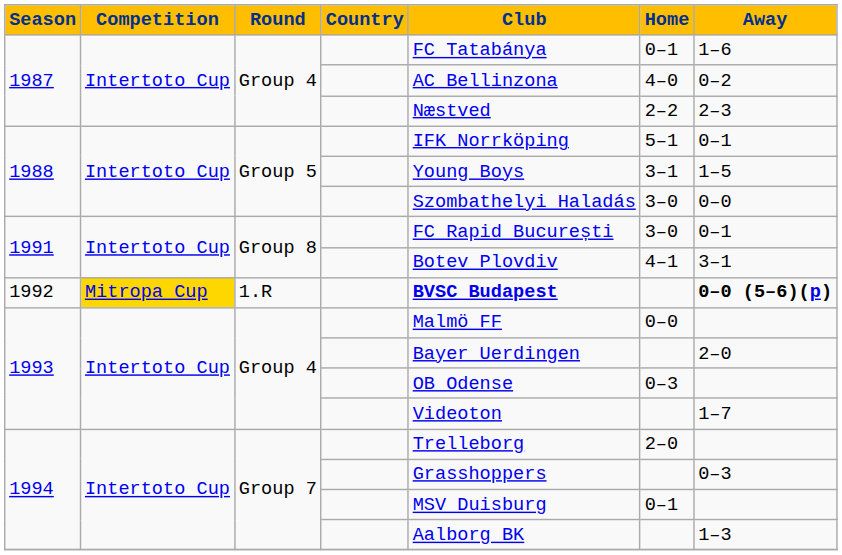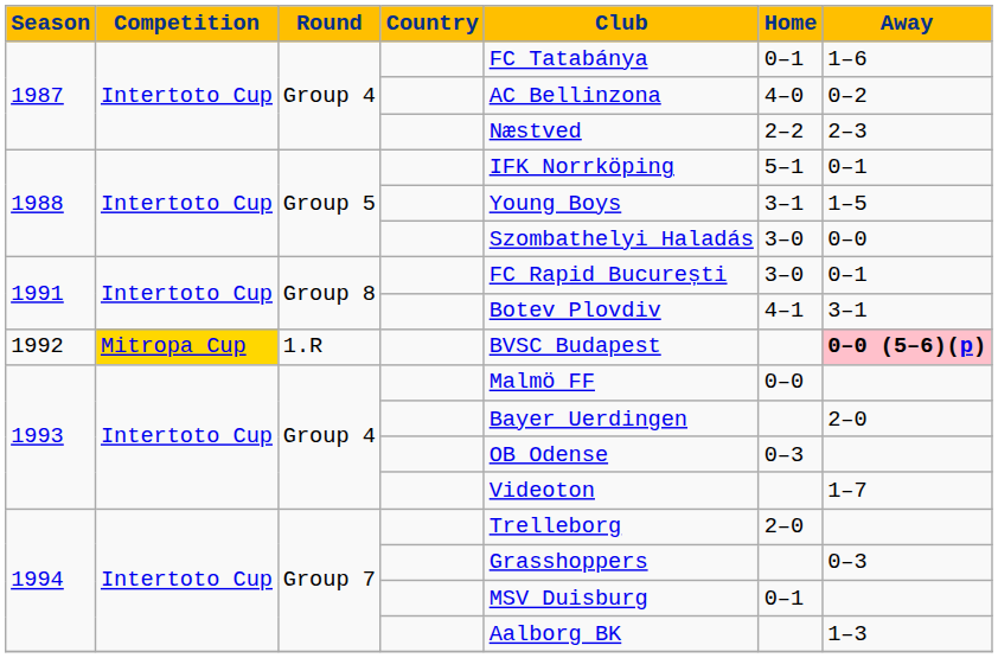 <table class="wikitable">
 <tr>
 <th style="color:#00308F; background:#FFBF00;">Season</th>
 <th style="color:#00308F; background:#FFBF00;">Competition</th>
 <th style="color:#00308F; background:#FFBF00;">Round</th>
 <th style="color:#00308F; background:#FFBF00;">Country</th>
 <th style="color:#00308F; background:#FFBF00;">Club</th>
 <th style="color:#00308F; background:#FFBF00;">Home</th>
 <th style="color:#00308F; background:#FFBF00;">Away</th>
 </tr>
 <tr>
 <td rowspan="3"><a href='#'>1987</a></td>
 <td rowspan="3"><a href='#'>Intertoto Cup</a></td>
 <td rowspan="3">Group 4</td>
 <td></td>
 <td><a href='#'>FC Tatabánya</a></td>
 <td>0–1</td>
 <td>1–6</td>
 </tr>
 <tr>
 <td></td>
 <td><a href='#'>AC Bellinzona</a></td>
 <td>4–0</td>
 <td>0–2</td>
 </tr>
 <tr>
 <td></td>
 <td><a href='#'>Næstved</a></td>
 <td>2–2</td>
 <td>2–3</td>
 </tr>
 <tr>
 <td rowspan="3"><a href='#'>1988</a></td>
 <td rowspan="3"><a href='#'>Intertoto Cup</a></td>
 <td rowspan="3">Group 5</td>
 <td></td>
 <td><a href='#'>IFK Norrköping</a></td>
 <td>5–1</td>
 <td>0–1</td>
 </tr>
 <tr>
 <td></td>
 <td><a href='#'>Young Boys</a></td>
 <td>3–1</td>
 <td>1–5</td>
 </tr>
 <tr>
 <td></td>
 <td><a href='#'>Szombathelyi Haladás</a></td>
 <td>3–0</td>
 <td>0–0</td>
 </tr>
 <tr>
 <td rowspan="2"><a href='#'>1991</a></td>
 <td rowspan="2"><a href='#'>Intertoto Cup</a></td>
 <td rowspan="2">Group 8</td>
 <td></td>
 <td><a href='#'>FC Rapid București</a></td>
 <td>3–0</td>
 <td>0–1</td>
 </tr>
 <tr>
 <td></td>
 <td><a href='#'>Botev Plovdiv</a></td>
 <td>4–1</td>
 <td>3–1</td>
 </tr>
 <tr>
 <td>1992</td>
 <td style="background: gold;"><a href='#'>Mitropa Cup</a></td>
 <td>1.R</td>
 <td></td>
-<td><strong><a href='#'>BVSC Budapest</a></strong></td>
+<td><a href='#'>BVSC Budapest</a></td>
 <td></td>
-<td><strong>0–0 (5–6)(<a href='#'>p</a>)</strong></td>
+<td style="background: pink;"><strong>0–0 (5–6)(<a href='#'>p</a>)</strong></td>
 </tr>
 <tr>
 <td rowspan="4"><a href='#'>1993</a></td>
 <td rowspan="4"><a href='#'>Intertoto Cup</a></td>
 <td rowspan="4">Group 4</td>
 <td></td>
 <td><a href='#'>Malmö FF</a></td>
 <td>0–0</td>
 <td></td>
 </tr>
 <tr>
 <td></td>
 <td><a href='#'>Bayer Uerdingen</a></td>
 <td></td>
 <td>2–0</td>
 </tr>
 <tr>
 <td></td>
 <td><a href='#'>OB Odense</a></td>
 <td>0–3</td>
 <td></td>
 </tr>
 <tr>
 <td></td>
 <td><a href='#'>Videoton</a></td>
 <td></td>
 <td>1–7</td>
 </tr>
 <tr>
 <td rowspan="4"><a href='#'>1994</a></td>
 <td rowspan="4"><a href='#'>Intertoto Cup</a></td>
 <td rowspan="4">Group 7</td>
 <td></td>
 <td><a href='#'>Trelleborg</a></td>
 <td>2–0</td>
 <td></td>
 </tr>
 <tr>
 <td></td>
 <td><a href='#'>Grasshoppers</a></td>
 <td></td>
 <td>0–3</td>
 </tr>
 <tr>
 <td></td>
 <td><a href='#'>MSV Duisburg</a></td>
 <td>0–1</td>
 <td></td>
 </tr>
 <tr>
 <td></td>
 <td><a href='#'>Aalborg BK</a></td>
 <td></td>
 <td>1–3</td>
 </tr>
 <tr>
 </tr>
 </table>
